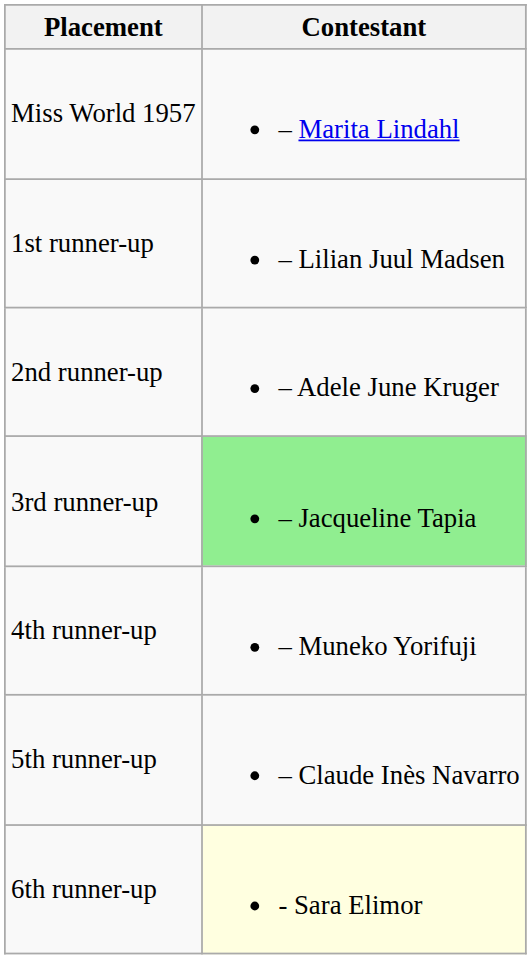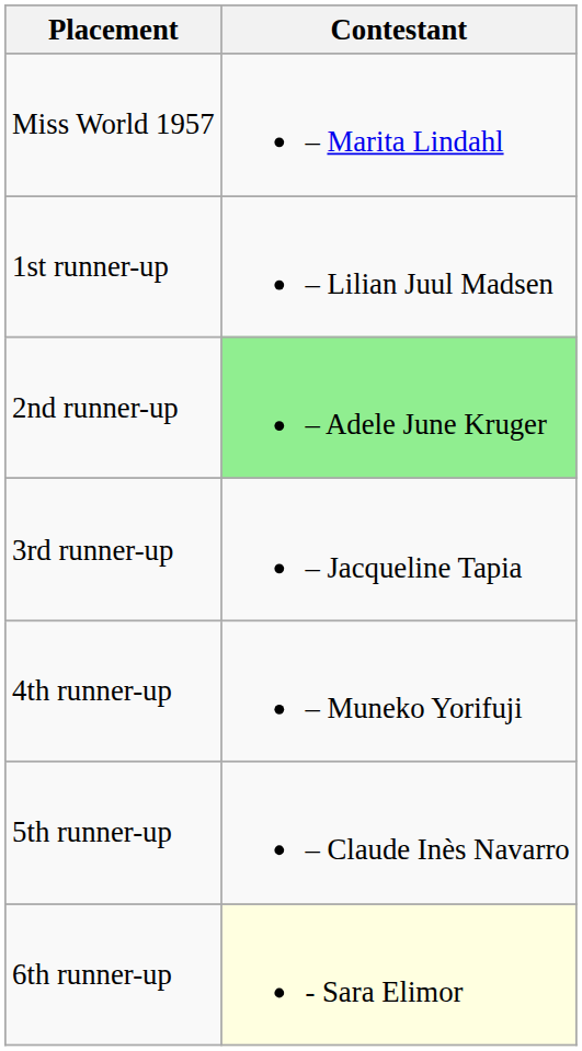 <table class="wikitable sortable" style="font-size:95%;">
 <tr>
 <th>Placement</th>
 <th>Contestant</th>
 </tr>
 <tr>
 <td>Miss World 1957</td>
 <td><br><ul><li> – <a href='#'>Marita Lindahl</a><strong></strong></li></ul></td>
 </tr>
 <tr>
 <td>1st runner-up</td>
 <td><br><ul><li> – Lilian Juul Madsen<strong></strong></li></ul></td>
 </tr>
 <tr>
 <td>2nd runner-up</td>
-<td><br><ul><li> – Adele June Kruger<strong></strong></li></ul></td>
+<td style="background: lightgreen;"><br><ul><li> – Adele June Kruger<strong></strong></li></ul></td>
 </tr>
 <tr>
 <td>3rd runner-up</td>
-<td style="background: lightgreen;"><br><ul><li> – Jacqueline Tapia<strong></strong></li></ul></td>
+<td><br><ul><li> – Jacqueline Tapia<strong></strong></li></ul></td>
 </tr>
 <tr>
 <td>4th runner-up</td>
 <td><br><ul><li> – Muneko Yorifuji<strong></strong></li></ul></td>
 </tr>
 <tr>
 <td>5th runner-up</td>
 <td><br><ul><li> – Claude Inès Navarro<strong></strong></li></ul></td>
 </tr>
 <tr>
 <td>6th runner-up</td>
 <td style="background: lightyellow;"><br><ul><li> - Sara Elimor<strong></strong></li></ul></td>
 </tr>
 </table>
